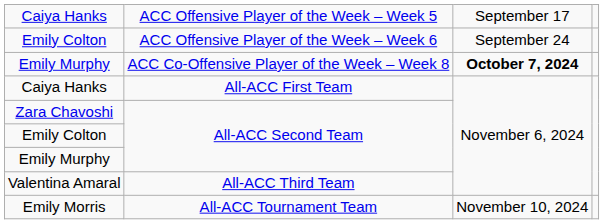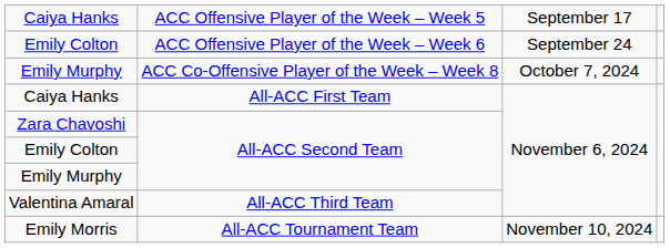 <table class="wikitable sortable" style="text-align: center">
 <tr>
 <td><a href='#'>Caiya Hanks</a></td>
 <td><a href='#'>ACC Offensive Player of the Week – Week 5</a></td>
 <td>September 17</td>
 <td></td>
 </tr>
 <tr>
 <td><a href='#'>Emily Colton</a></td>
 <td><a href='#'>ACC Offensive Player of the Week – Week 6</a></td>
 <td>September 24</td>
 <td></td>
 </tr>
 <tr>
 <td><a href='#'>Emily Murphy</a></td>
 <td><a href='#'>ACC Co-Offensive Player of the Week – Week 8</a></td>
-<td><strong>October 7, 2024</strong></td>
+<td>October 7, 2024</td>
 <td></td>
 </tr>
 <tr>
 <td>Caiya Hanks</td>
 <td><a href='#'>All-ACC First Team</a></td>
 <td rowspan=5>November 6, 2024</td>
 <td rowspan=5></td>
 </tr>
 <tr>
 <td><a href='#'>Zara Chavoshi</a></td>
 <td rowspan=3><a href='#'>All-ACC Second Team</a></td>
 </tr>
 <tr>
 <td>Emily Colton</td>
 </tr>
 <tr>
 <td>Emily Murphy</td>
 </tr>
 <tr>
 <td>Valentina Amaral</td>
 <td><a href='#'>All-ACC Third Team</a></td>
 </tr>
 <tr>
 <td>Emily Morris</td>
 <td><a href='#'>All-ACC Tournament Team</a></td>
 <td>November 10, 2024</td>
 <td></td>
 </tr>
 </table>
